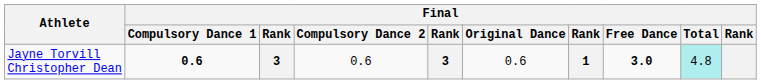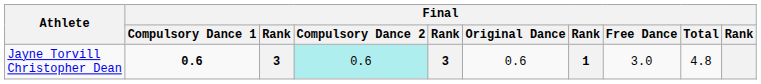 <table class="wikitable" style="font-size:90%">
 <tr>
 <th rowspan="2">Athlete</th>
 <th colspan="9">Final</th>
 </tr>
 <tr>
 <th>Compulsory Dance 1</th>
 <th>Rank</th>
 <th>Compulsory Dance 2</th>
 <th>Rank</th>
 <th>Original Dance</th>
 <th>Rank</th>
 <th>Free Dance</th>
 <th>Total</th>
 <th>Rank</th>
 </tr>
 <tr>
 <td><a href='#'>Jayne Torvill</a><br><a href='#'>Christopher Dean</a></td>
 <td align="center"><strong>0.6</strong></td>
 <th align="center">3</th>
-<td align="center">0.6</td>
+<td align="center" style="background: paleturquoise;">0.6</td>
 <th align="center">3</th>
 <td align="center">0.6</td>
 <th align="center">1</th>
-<td align="center"><strong>3.0</strong></td>
-<td align="center" style="background: paleturquoise;">4.8</td>
+<td align="center">3.0</td>
+<td align="center">4.8</td>
 <th align="center"></th>
 </tr>
 </table>
